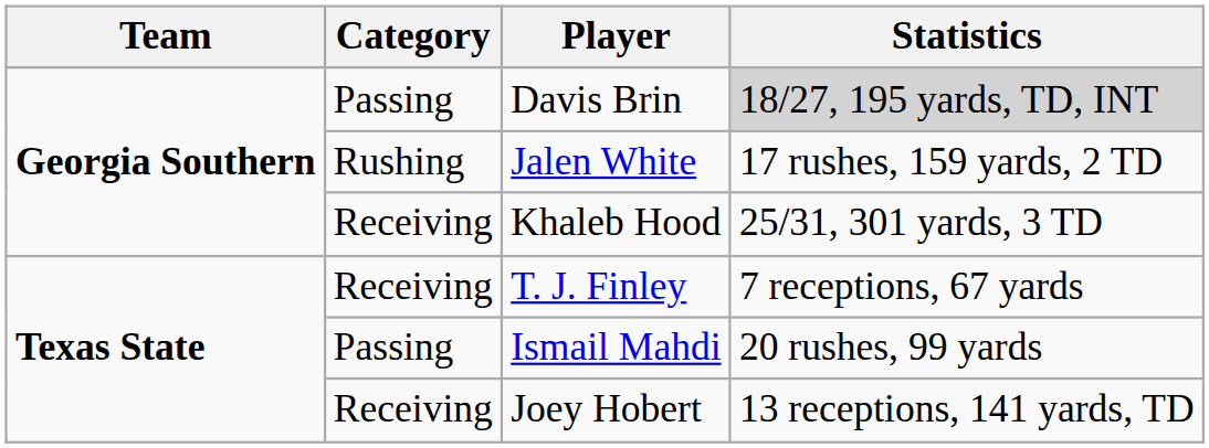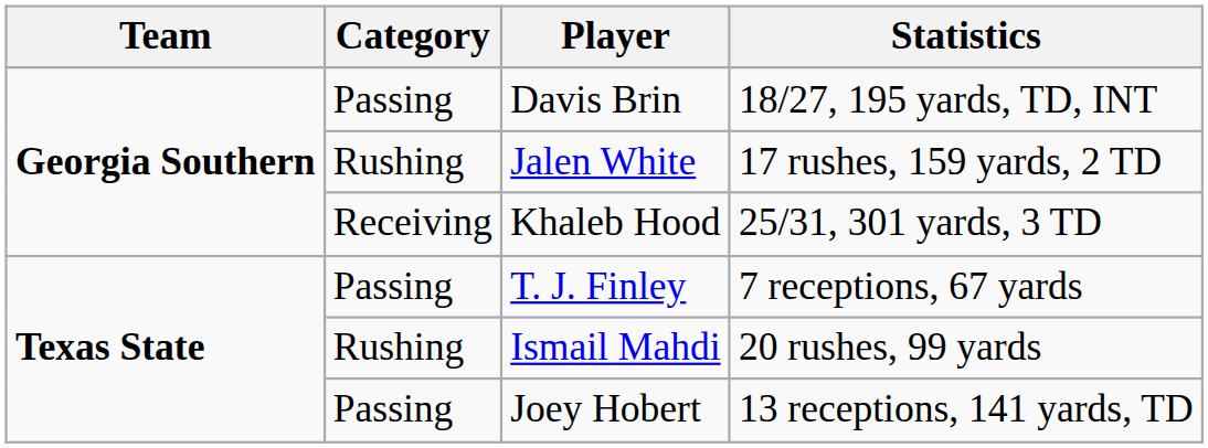 <table class="wikitable" style="float: right;">
 <tr>
 <th>Team</th>
 <th>Category</th>
 <th>Player</th>
 <th>Statistics</th>
 </tr>
 <tr>
 <td rowspan=3><strong>Georgia Southern</strong></td>
 <td>Passing</td>
 <td>Davis Brin</td>
-<td style="background: lightgrey;">18/27, 195 yards, TD, INT</td>
+<td>18/27, 195 yards, TD, INT</td>
 </tr>
 <tr>
 <td>Rushing</td>
 <td><a href='#'>Jalen White</a></td>
 <td>17 rushes, 159 yards, 2 TD</td>
 </tr>
 <tr>
 <td>Receiving</td>
 <td>Khaleb Hood</td>
 <td>25/31, 301 yards, 3 TD</td>
 </tr>
 <tr>
 <td rowspan=3><strong>Texas State</strong></td>
-<td>Receiving</td>
+<td>Passing</td>
 <td><a href='#'>T. J. Finley</a></td>
 <td>7 receptions, 67 yards</td>
 </tr>
 <tr>
-<td>Passing</td>
+<td>Rushing</td>
 <td><a href='#'>Ismail Mahdi</a></td>
 <td>20 rushes, 99 yards</td>
 </tr>
 <tr>
-<td>Receiving</td>
+<td>Passing</td>
 <td>Joey Hobert</td>
 <td>13 receptions, 141 yards, TD</td>
 </tr>
 </table>
